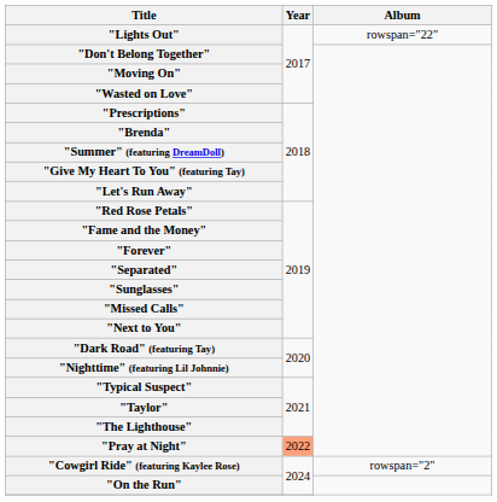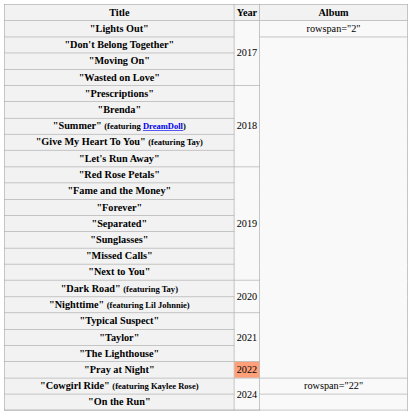 <table class="wikitable plainrowheaders" style="text-align:center;">
 <tr>
 <th scope="col" style="width:22em;">Title</th>
 <th scope="col">Year</th>
 <th scope="col" style="width:14em;">Album</th>
 </tr>
 <tr>
 <th scope="row">"Lights Out"</th>
 <td rowspan="4">2017</td>
-<td>rowspan="22"  </td>
+<td>rowspan="2" </td>
 </tr>
 <tr>
 <th scope="row">"Don't Belong Together"</th>
 </tr>
 <tr>
 <th scope="row">"Moving On"</th>
 </tr>
 <tr>
 <th scope="row">"Wasted on Love"</th>
 </tr>
 <tr>
 <th scope="row">"Prescriptions"</th>
 <td rowspan="5">2018</td>
 </tr>
 <tr>
 <th scope="row">"Brenda"</th>
 </tr>
 <tr>
 <th scope="row">"Summer" <small>(featuring <a href='#'>DreamDoll</a>)</small></th>
 </tr>
 <tr>
 <th scope="row">"Give My Heart To You" <small>(featuring Tay)</small></th>
 </tr>
 <tr>
 <th scope="row">"Let's Run Away"</th>
 </tr>
 <tr>
 <th scope="row">"Red Rose Petals"</th>
 <td rowspan="7">2019</td>
 </tr>
 <tr>
 <th scope="row">"Fame and the Money"</th>
 </tr>
 <tr>
 <th scope="row">"Forever"</th>
 </tr>
 <tr>
 <th scope="row">"Separated"</th>
 </tr>
 <tr>
 <th scope="row">"Sunglasses"</th>
 </tr>
 <tr>
 <th scope="row">"Missed Calls"</th>
 </tr>
 <tr>
 <th scope="row">"Next to You"</th>
 </tr>
 <tr>
 <th scope="row">"Dark Road" <small>(featuring Tay)</small></th>
 <td rowspan="2">2020</td>
 </tr>
 <tr>
 <th scope="row">"Nighttime" <small>(featuring Lil Johnnie)</small></th>
 </tr>
 <tr>
 <th scope="row">"Typical Suspect"</th>
 <td rowspan="3">2021</td>
 </tr>
 <tr>
 <th scope="row">"Taylor"</th>
 </tr>
 <tr>
 <th scope="row">"The Lighthouse"</th>
 </tr>
 <tr>
 <th scope="row">"Pray at Night"</th>
 <td style="background: lightsalmon;">2022</td>
 </tr>
 <tr>
 <th scope="row">"Cowgirl Ride" <small>(featuring Kaylee Rose)</small></th>
 <td rowspan="2">2024</td>
-<td>rowspan="2" </td>
+<td>rowspan="22"  </td>
 </tr>
 <tr>
 <th scope="row">"On the Run"</th>
 </tr>
 <tr>
 </tr>
 </table>
